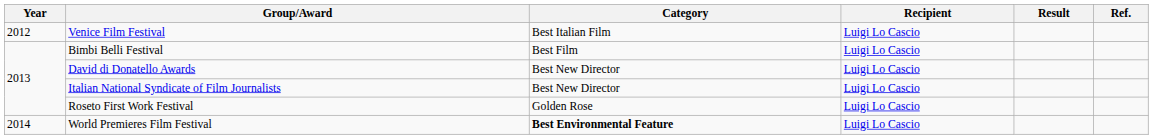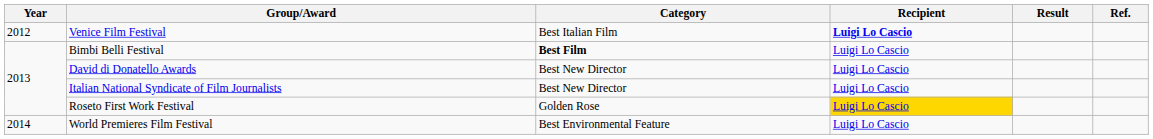 <table class="wikitable sortable" style="width: 99%;">
 <tr>
 <th>Year</th>
 <th>Group/Award</th>
 <th>Category</th>
 <th>Recipient</th>
 <th>Result</th>
 <th scope="col" class="unsortable">Ref.</th>
 </tr>
 <tr>
 <td>2012</td>
 <td><a href='#'>Venice Film Festival</a></td>
 <td>Best Italian Film</td>
-<td><a href='#'>Luigi Lo Cascio</a></td>
+<td><strong><a href='#'>Luigi Lo Cascio</a></strong></td>
 <td></td>
 <td align="center"></td>
 </tr>
 <tr>
 <td rowspan="4">2013</td>
 <td>Bimbi Belli Festival</td>
-<td>Best Film</td>
+<td><strong>Best Film</strong></td>
 <td><a href='#'>Luigi Lo Cascio</a></td>
 <td></td>
 <td align="center"></td>
 </tr>
 <tr>
 <td><a href='#'>David di Donatello Awards</a></td>
 <td>Best New Director</td>
 <td><a href='#'>Luigi Lo Cascio</a></td>
 <td></td>
 <td align="center"></td>
 </tr>
 <tr>
 <td><a href='#'>Italian National Syndicate of Film Journalists</a></td>
 <td>Best New Director</td>
 <td><a href='#'>Luigi Lo Cascio</a></td>
 <td></td>
 <td align="center"></td>
 </tr>
 <tr>
 <td>Roseto First Work Festival</td>
 <td>Golden Rose</td>
-<td><a href='#'>Luigi Lo Cascio</a></td>
+<td style="background: gold;"><a href='#'>Luigi Lo Cascio</a></td>
 <td></td>
 <td align="center"></td>
 </tr>
 <tr>
 <td>2014</td>
 <td>World Premieres Film Festival</td>
-<td><strong>Best Environmental Feature</strong></td>
+<td>Best Environmental Feature</td>
 <td><a href='#'>Luigi Lo Cascio</a></td>
 <td></td>
 <td align="center"></td>
 </tr>
 </table>
